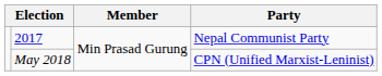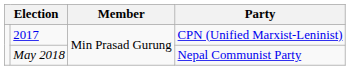 <table class="wikitable">
 <tr>
 <th colspan="2">Election</th>
 <th>Member</th>
 <th>Party</th>
 </tr>
 <tr>
 <td rowspan="2" style="background-color:"></td>
 <td><a href='#'>2017</a></td>
 <td rowspan="2">Min Prasad Gurung</td>
-<td><a href='#'>Nepal Communist Party</a></td>
+<td><a href='#'>CPN (Unified Marxist-Leninist)</a></td>
 </tr>
 <tr>
 <td><em>May 2018</em></td>
-<td><a href='#'>CPN (Unified Marxist-Leninist)</a></td>
+<td><a href='#'>Nepal Communist Party</a></td>
 </tr>
 </table>
